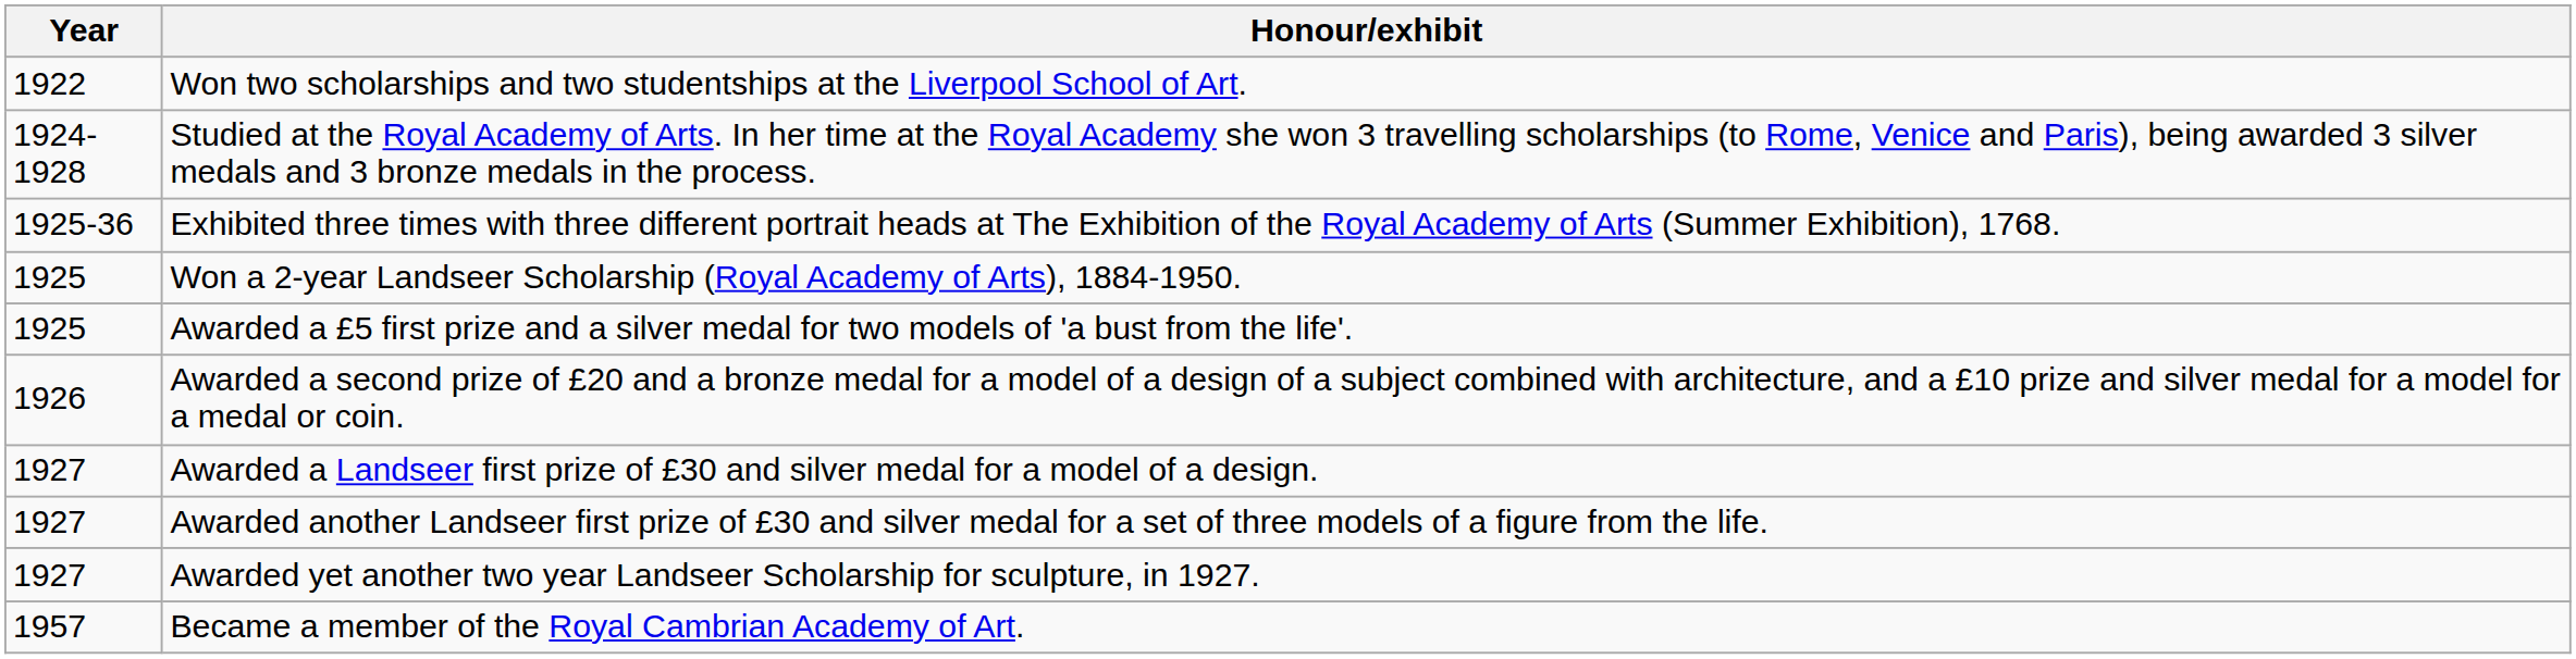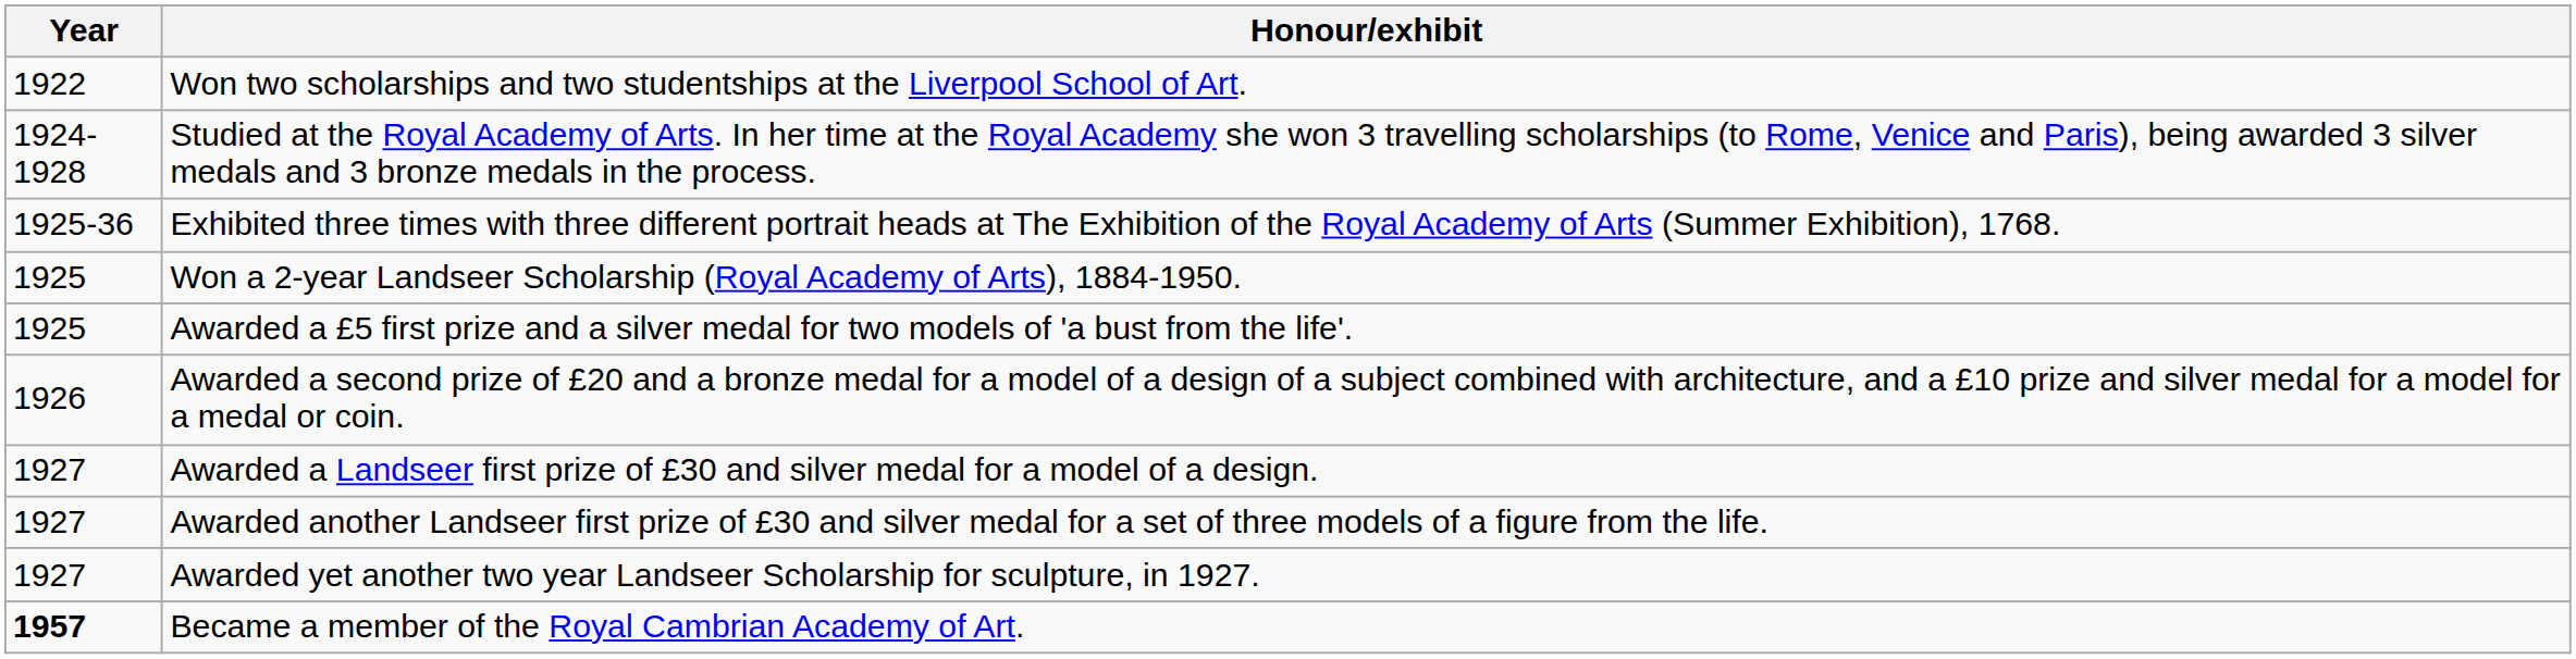 <table class="wikitable sortable">
 <tr>
 <th>Year</th>
 <th>Honour/exhibit</th>
 </tr>
 <tr>
 <td>1922</td>
 <td>Won two scholarships and two studentships at the <a href='#'>Liverpool School of Art</a>.</td>
 </tr>
 <tr>
 <td>1924-1928</td>
 <td>Studied at the <a href='#'>Royal Academy of Arts</a>. In her time at the <a href='#'>Royal Academy</a> she won 3 travelling scholarships (to <a href='#'>Rome</a>, <a href='#'>Venice</a> and <a href='#'>Paris</a>), being awarded 3 silver medals and 3 bronze medals in the process.</td>
 </tr>
 <tr>
 <td>1925-36</td>
 <td>Exhibited three times with three different portrait heads at The Exhibition of the <a href='#'>Royal Academy of Arts</a> (Summer Exhibition), 1768.</td>
 </tr>
 <tr>
 <td>1925</td>
 <td>Won a 2-year Landseer Scholarship (<a href='#'>Royal Academy of Arts</a>), 1884-1950.</td>
 </tr>
 <tr>
 <td>1925</td>
 <td>Awarded a £5 first prize and a silver medal for two models of 'a bust from the life'.</td>
 </tr>
 <tr>
 <td>1926</td>
 <td>Awarded a second prize of £20 and a bronze medal for a model of a design of a subject combined with architecture, and a £10 prize and silver medal for a model for a medal or coin.</td>
 </tr>
 <tr>
 <td>1927</td>
 <td>Awarded a <a href='#'>Landseer</a> first prize of £30 and silver medal for a model of a design.</td>
 </tr>
 <tr>
 <td>1927</td>
 <td>Awarded another Landseer first prize of £30 and silver medal for a set of three models of a figure from the life.</td>
 </tr>
 <tr>
 <td>1927</td>
 <td>Awarded yet another two year Landseer Scholarship for sculpture, in 1927.</td>
 </tr>
 <tr>
-<td>1957</td>
+<td><strong>1957</strong></td>
 <td>Became a member of the <a href='#'>Royal Cambrian Academy of Art</a>.</td>
 </tr>
 </table>
